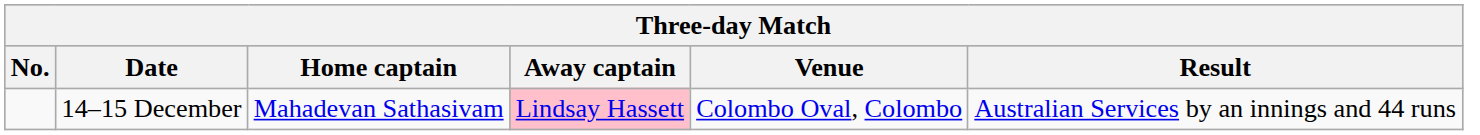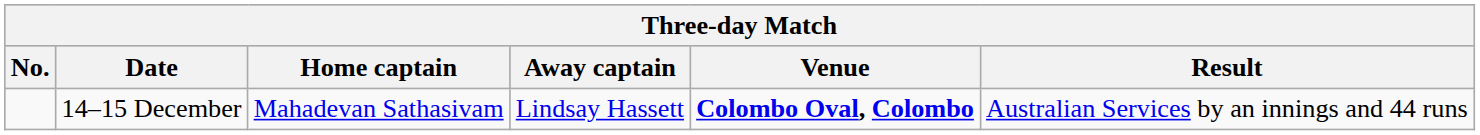 <table class="wikitable">
 <tr>
 <th colspan="9">Three-day Match</th>
 </tr>
 <tr>
 <th>No.</th>
 <th>Date</th>
 <th>Home captain</th>
 <th>Away captain</th>
 <th>Venue</th>
 <th>Result</th>
 </tr>
 <tr>
 <td></td>
 <td>14–15 December</td>
 <td><a href='#'>Mahadevan Sathasivam</a></td>
-<td style="background: pink;"><a href='#'>Lindsay Hassett</a></td>
-<td><a href='#'>Colombo Oval</a>, <a href='#'>Colombo</a></td>
+<td><a href='#'>Lindsay Hassett</a></td>
+<td><strong><a href='#'>Colombo Oval</a>, <a href='#'>Colombo</a></strong></td>
 <td><a href='#'>Australian Services</a> by an innings and 44 runs</td>
 </tr>
 </table>
